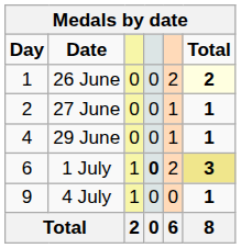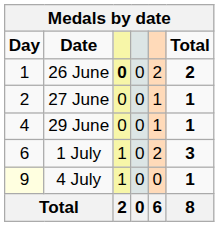 <table class="wikitable" style="font-size:85%; text-align:center;">
 <tr style="background:#efefef;">
 <th colspan=6><strong>Medals by date</strong></th>
 </tr>
 <tr>
 <td><strong>Day</strong></td>
 <td><strong>Date</strong></td>
 <td style="background:#F7F6A8;"></td>
 <td style="background:#DCE5E5;"></td>
 <td style="background:#FFDAB9;"></td>
 <td><strong>Total</strong></td>
 </tr>
 <tr>
 <td>1</td>
 <td>26 June</td>
-<td style="background:#F7F6A8;">0</td>
+<td style="background:#F7F6A8;"><strong>0</strong></td>
 <td style="background:#DCE5E5;">0</td>
 <td style="background:#FFDAB9;">2</td>
-<td style="background: lightyellow;"><strong>2</strong></td>
+<td><strong>2</strong></td>
 </tr>
 <tr>
 <td>2</td>
 <td>27 June</td>
 <td style="background:#F7F6A8;">0</td>
 <td style="background:#DCE5E5;">0</td>
 <td style="background:#FFDAB9;">1</td>
 <td><strong>1</strong></td>
 </tr>
 <tr>
 <td>4</td>
 <td>29 June</td>
 <td style="background:#F7F6A8;">0</td>
 <td style="background:#DCE5E5;">0</td>
 <td style="background:#FFDAB9;">1</td>
 <td><strong>1</strong></td>
 </tr>
 <tr>
 <td>6</td>
 <td>1 July</td>
 <td style="background:#F7F6A8;">1</td>
-<td style="background:#DCE5E5;"><strong>0</strong></td>
+<td style="background:#DCE5E5;">0</td>
 <td style="background:#FFDAB9;">2</td>
-<td style="background: khaki;"><strong>3</strong></td>
+<td><strong>3</strong></td>
 </tr>
 <tr>
-<td>9</td>
+<td style="background: lightyellow;">9</td>
 <td>4 July</td>
 <td style="background:#F7F6A8;">1</td>
 <td style="background:#DCE5E5;">0</td>
 <td style="background:#FFDAB9;">0</td>
 <td><strong>1</strong></td>
 </tr>
 <tr>
 <th colspan="2">Total</th>
 <th>2</th>
 <th>0</th>
 <th>6</th>
 <th>8</th>
 </tr>
 </table>
